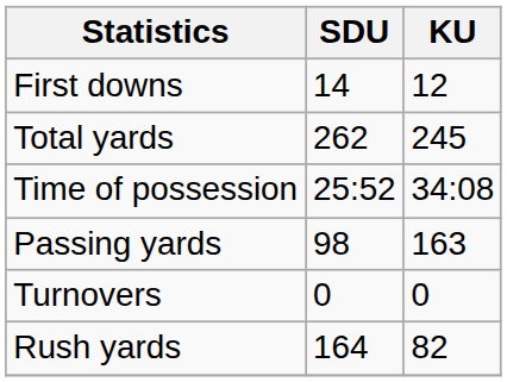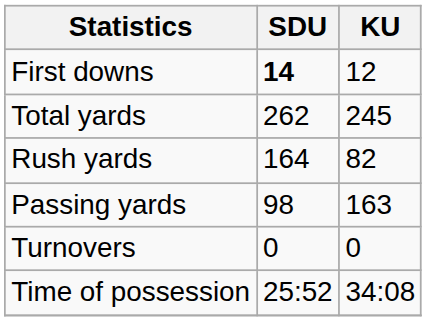 <table class="wikitable" style="float: left;">
 <tr>
 <th>Statistics</th>
 <th>SDU</th>
 <th>KU</th>
 </tr>
 <tr>
 <td>First downs</td>
-<td>14</td>
+<td><strong>14</strong></td>
 <td>12</td>
 </tr>
 <tr>
 <td>Total yards</td>
 <td>262</td>
 <td>245</td>
 </tr>
 <tr>
-<td>Time of possession</td>
-<td>25:52</td>
-<td>34:08</td>
+<td>Rush yards</td>
+<td>164</td>
+<td>82</td>
 </tr>
 <tr>
 <td>Passing yards</td>
 <td>98</td>
 <td>163</td>
 </tr>
 <tr>
 <td>Turnovers</td>
 <td>0</td>
 <td>0</td>
 </tr>
 <tr>
-<td>Rush yards</td>
-<td>164</td>
-<td>82</td>
+<td>Time of possession</td>
+<td>25:52</td>
+<td>34:08</td>
 </tr>
 <tr>
 </tr>
 </table>
